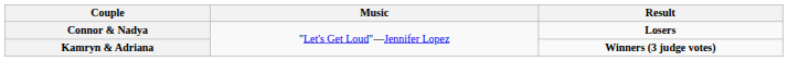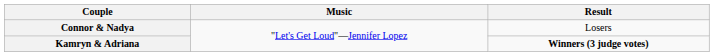 <table class="wikitable sortable" style="text-align:center; width: 90%">
 <tr>
 <th scope="col">Couple</th>
 <th scope="col" class="unsortable">Music</th>
 <th scope="col" class="unsortable">Result</th>
 </tr>
 <tr>
 <th scope="col">Connor & Nadya</th>
 <td rowspan=2>"<a href='#'>Let's Get Loud</a>"—<a href='#'>Jennifer Lopez</a></td>
-<td><strong>Losers</strong></td>
+<td>Losers</td>
 </tr>
 <tr>
 <th scope="col">Kamryn & Adriana</th>
 <td><strong>Winners (3 judge votes)</strong></td>
 </tr>
 </table>
